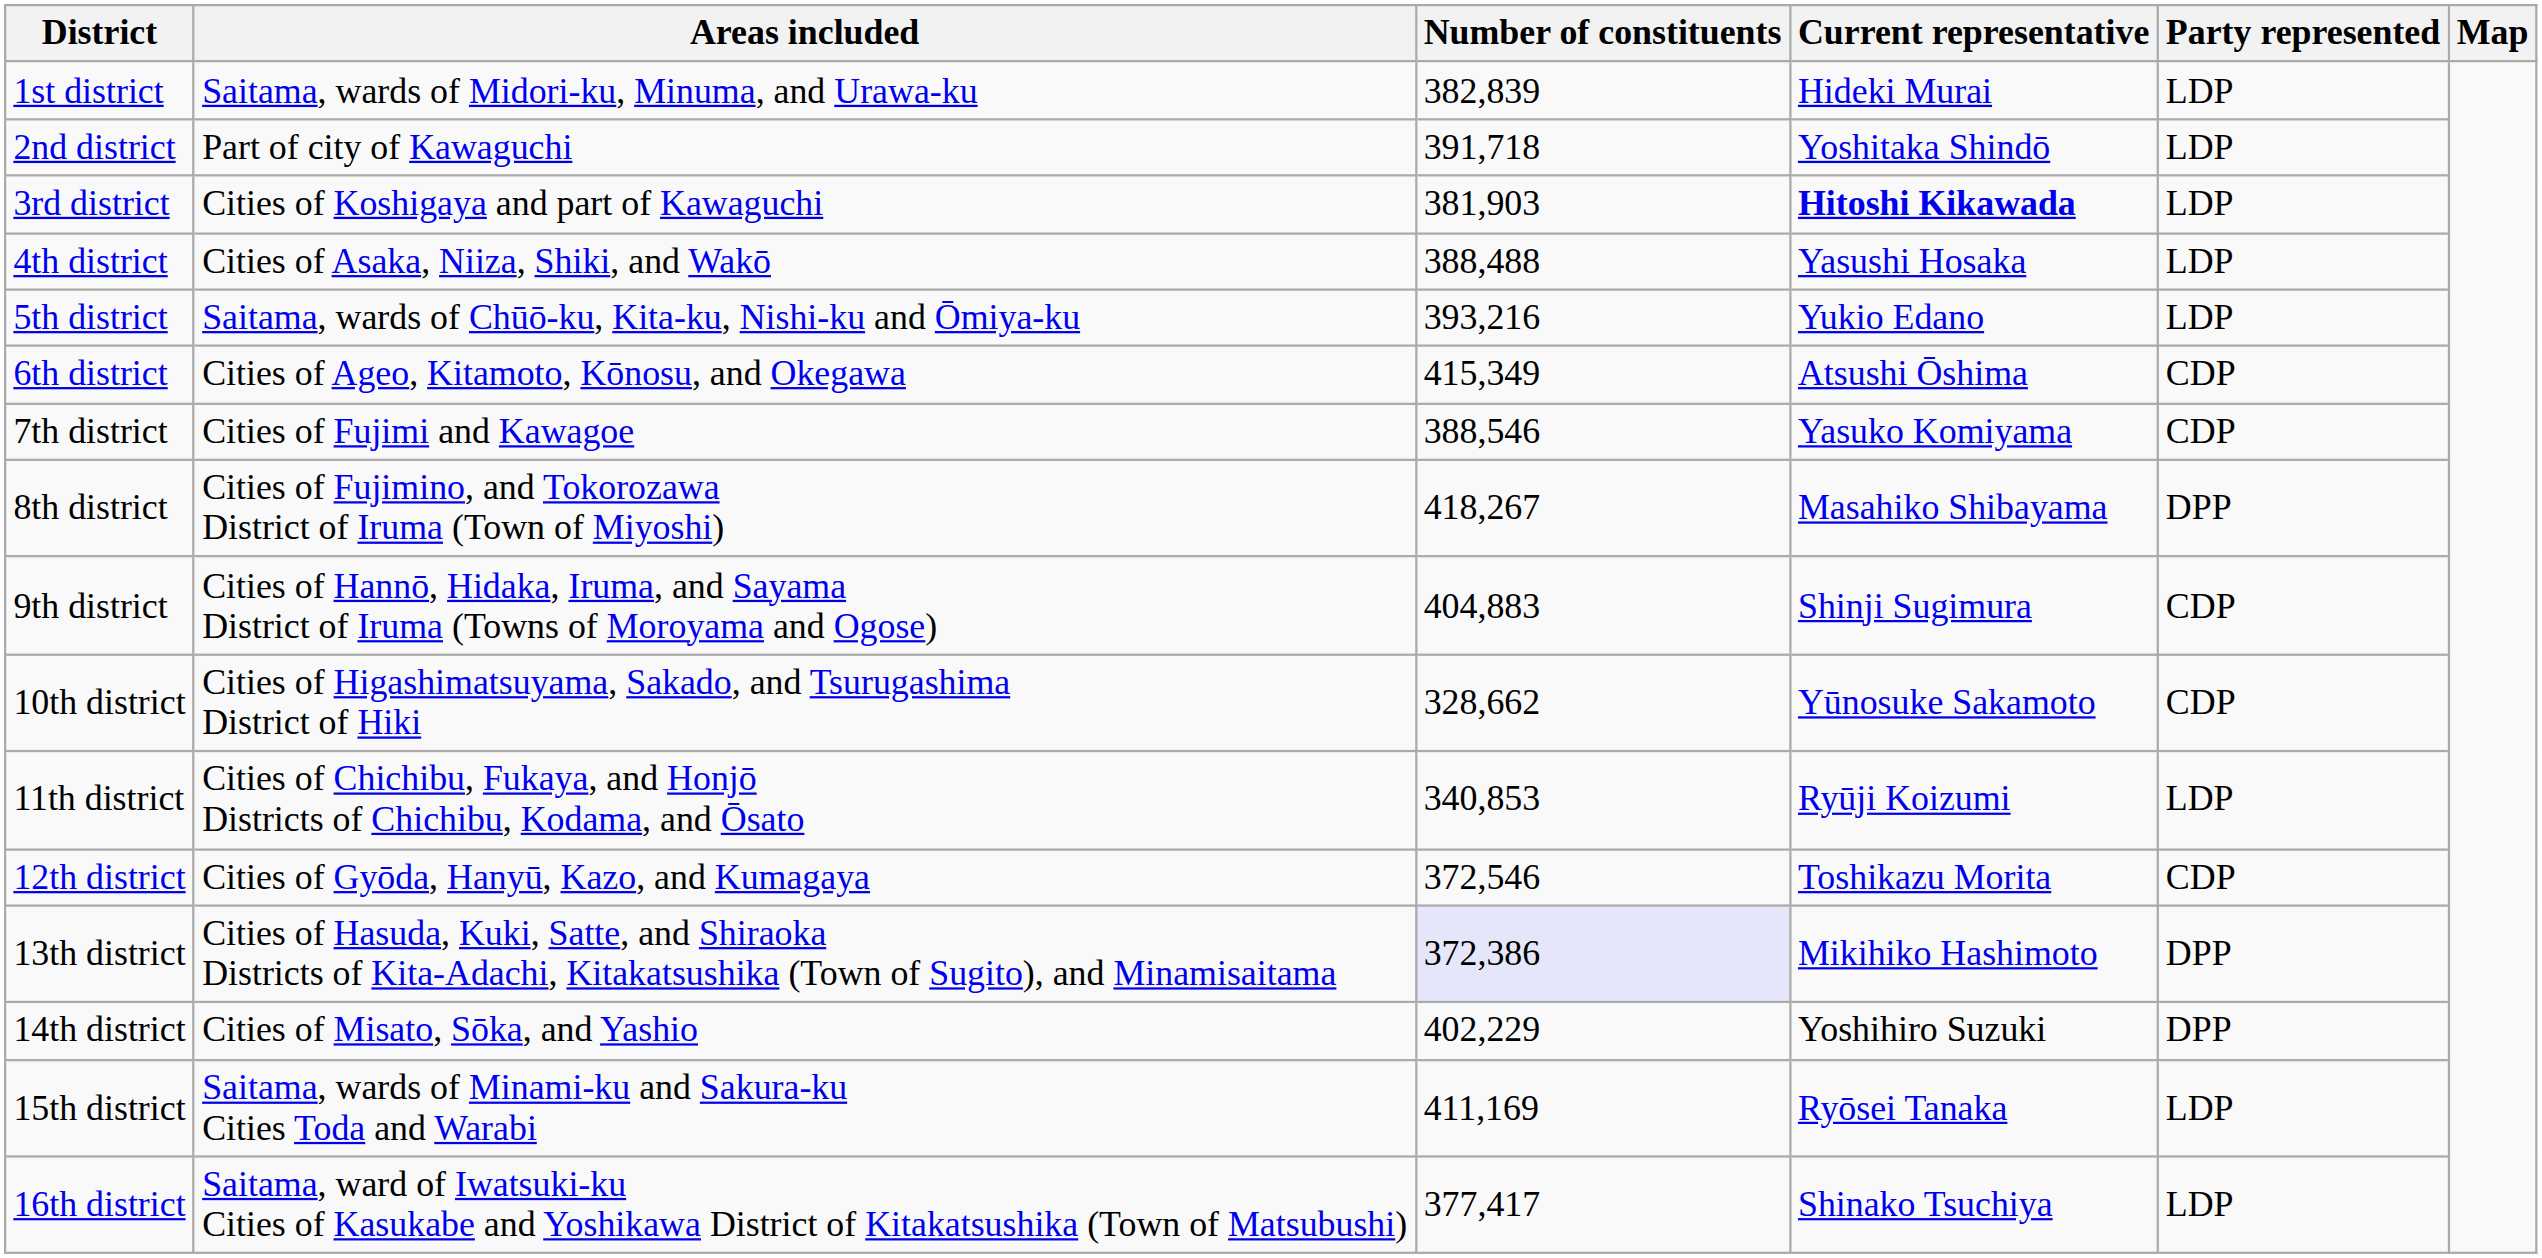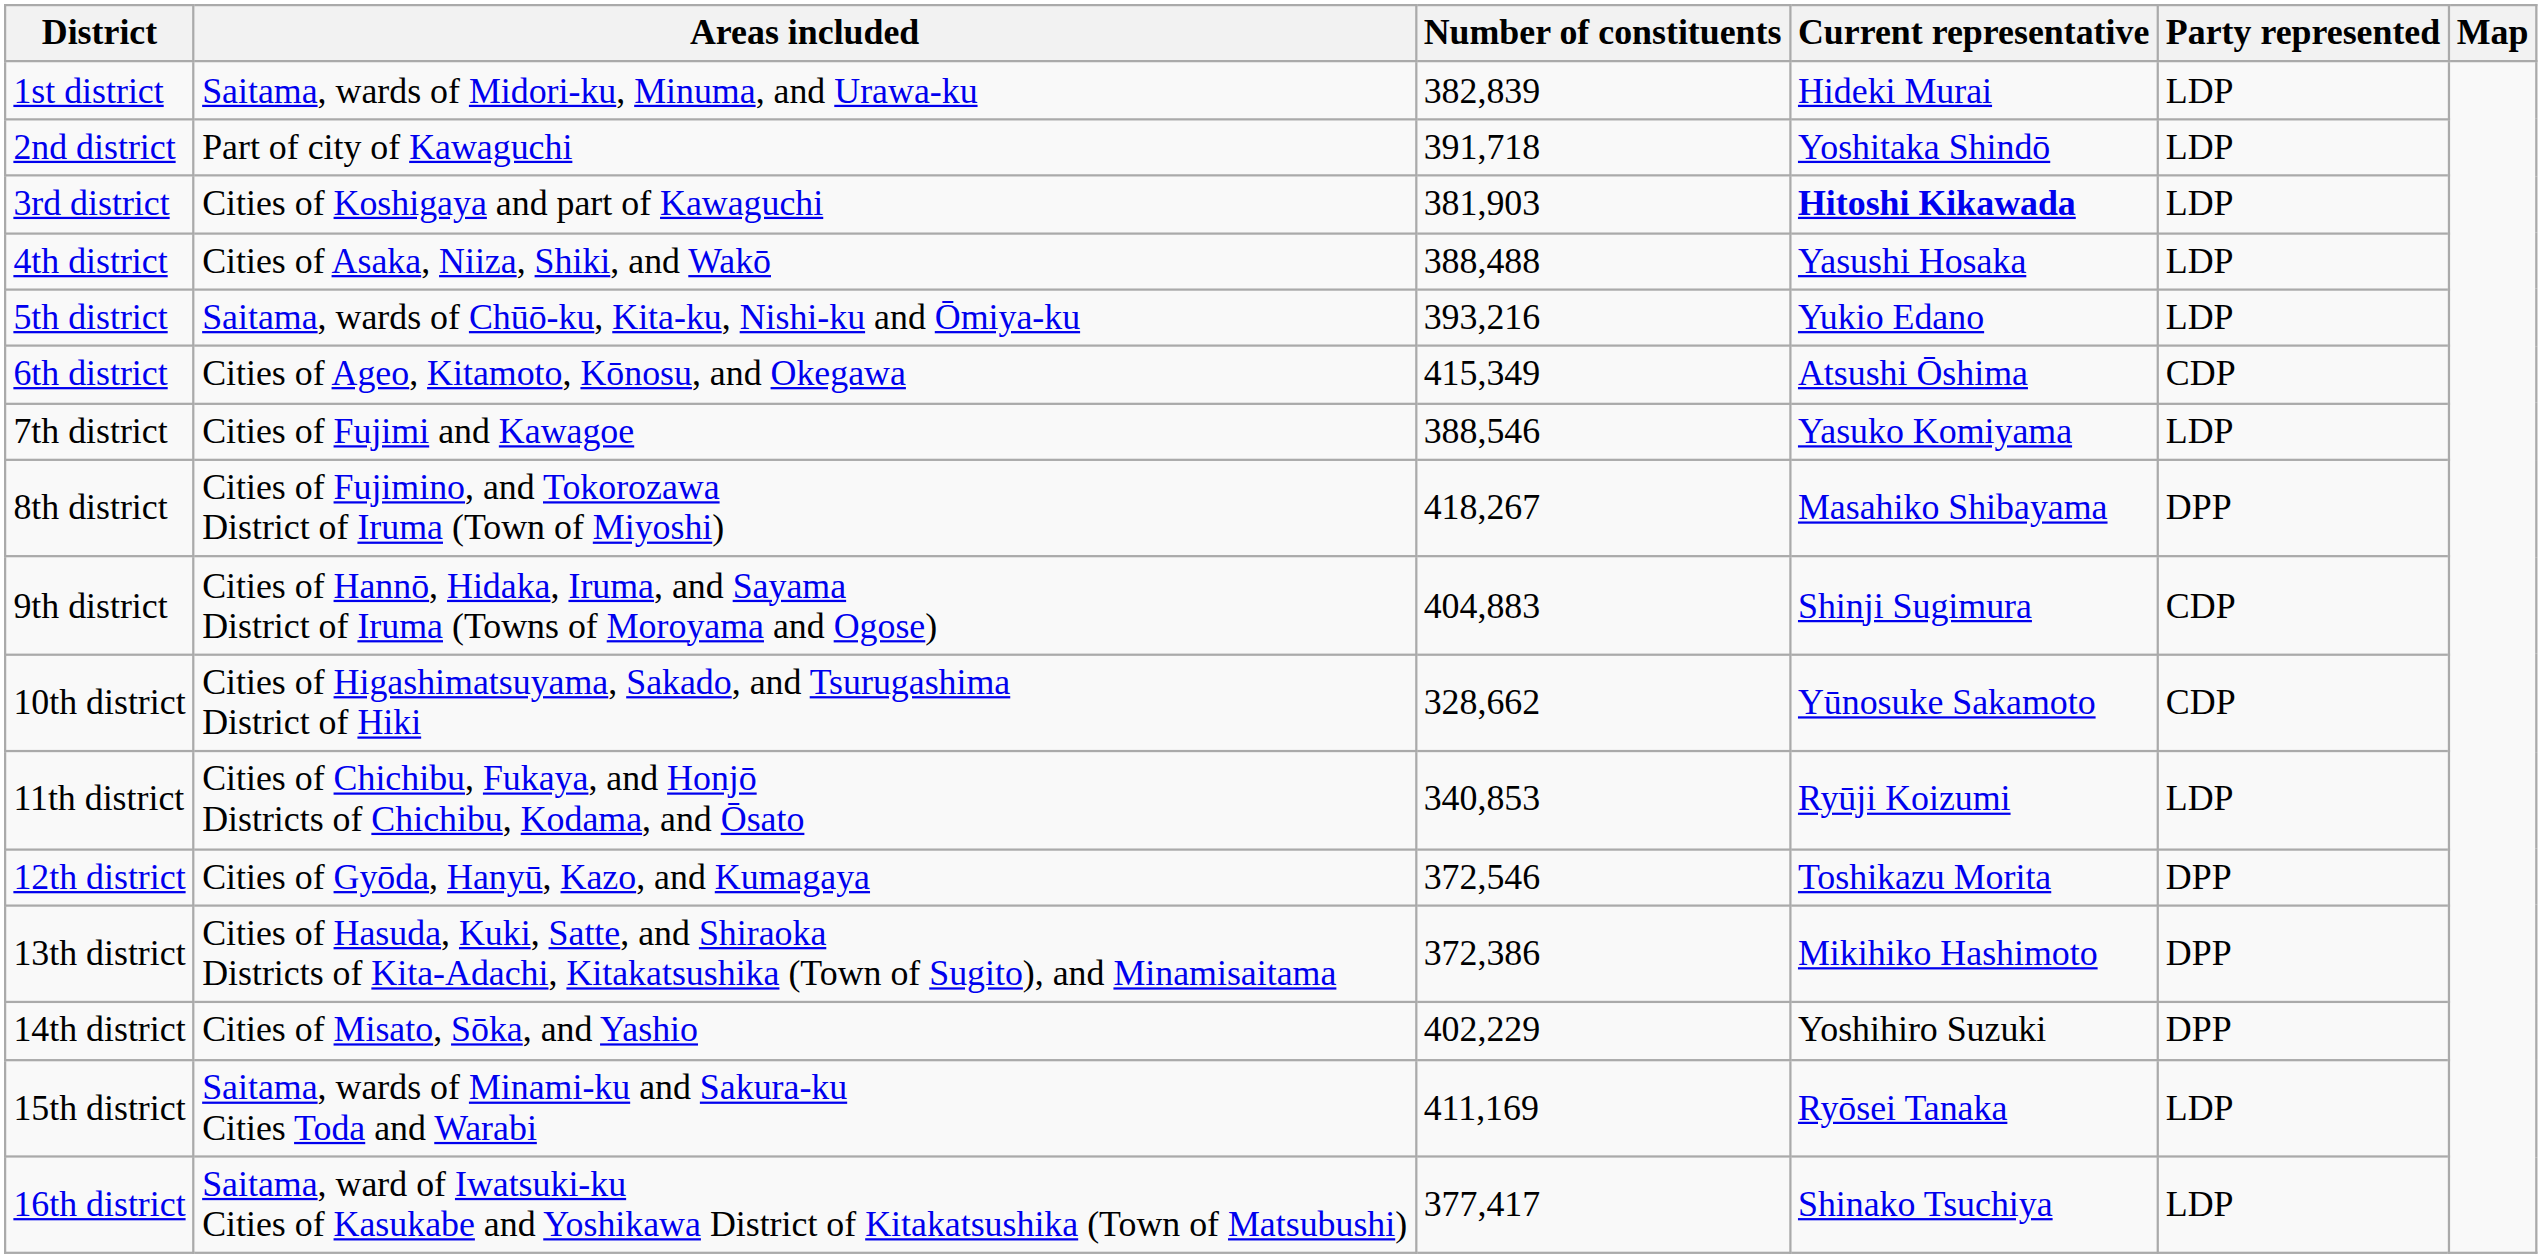 <table class="wikitable">
 <tr>
 <th>District</th>
 <th>Areas included</th>
 <th>Number of constituents</th>
 <th>Current representative</th>
 <th>Party represented</th>
 <th>Map</th>
 </tr>
 <tr>
 <td><a href='#'>1st district</a></td>
 <td><a href='#'>Saitama</a>, wards of <a href='#'>Midori-ku</a>, <a href='#'>Minuma</a>, and <a href='#'>Urawa-ku</a></td>
 <td>382,839</td>
 <td><a href='#'>Hideki Murai</a></td>
 <td>LDP</td>
 <td rowspan="16"></td>
 </tr>
 <tr>
 <td><a href='#'>2nd district</a></td>
 <td>Part of city of <a href='#'>Kawaguchi</a></td>
 <td>391,718</td>
 <td><a href='#'>Yoshitaka Shindō</a></td>
 <td>LDP</td>
 </tr>
 <tr>
 <td><a href='#'>3rd district</a></td>
 <td>Cities of <a href='#'>Koshigaya</a> and part of <a href='#'>Kawaguchi</a></td>
 <td>381,903</td>
 <td><strong><a href='#'>Hitoshi Kikawada</a></strong></td>
 <td>LDP</td>
 </tr>
 <tr>
 <td><a href='#'>4th district</a></td>
 <td>Cities of <a href='#'>Asaka</a>, <a href='#'>Niiza</a>, <a href='#'>Shiki</a>, and <a href='#'>Wakō</a></td>
 <td>388,488</td>
 <td><a href='#'>Yasushi Hosaka</a></td>
 <td>LDP</td>
 </tr>
 <tr>
 <td><a href='#'>5th district</a></td>
 <td><a href='#'>Saitama</a>, wards of <a href='#'>Chūō-ku</a>, <a href='#'>Kita-ku</a>, <a href='#'>Nishi-ku</a> and <a href='#'>Ōmiya-ku</a></td>
 <td>393,216</td>
 <td><a href='#'>Yukio Edano</a></td>
 <td>LDP</td>
 </tr>
 <tr>
 <td><a href='#'>6th district</a></td>
 <td>Cities of <a href='#'>Ageo</a>, <a href='#'>Kitamoto</a>, <a href='#'>Kōnosu</a>, and <a href='#'>Okegawa</a></td>
 <td>415,349</td>
 <td><a href='#'>Atsushi Ōshima</a></td>
 <td>CDP</td>
 </tr>
 <tr>
 <td>7th district</td>
 <td>Cities of <a href='#'>Fujimi</a> and <a href='#'>Kawagoe</a></td>
 <td>388,546</td>
 <td><a href='#'>Yasuko Komiyama</a></td>
-<td>CDP</td>
+<td>LDP</td>
 </tr>
 <tr>
 <td>8th district</td>
 <td>Cities of <a href='#'>Fujimino</a>, and <a href='#'>Tokorozawa</a><br>District of <a href='#'>Iruma</a> (Town of <a href='#'>Miyoshi</a>)</td>
 <td>418,267</td>
 <td><a href='#'>Masahiko Shibayama</a></td>
 <td>DPP</td>
 </tr>
 <tr>
 <td>9th district</td>
 <td>Cities of <a href='#'>Hannō</a>, <a href='#'>Hidaka</a>, <a href='#'>Iruma</a>, and <a href='#'>Sayama</a><br>District of <a href='#'>Iruma</a> (Towns of <a href='#'>Moroyama</a> and <a href='#'>Ogose</a>)</td>
 <td>404,883</td>
 <td><a href='#'>Shinji Sugimura</a></td>
 <td>CDP</td>
 </tr>
 <tr>
 <td>10th district</td>
 <td>Cities of <a href='#'>Higashimatsuyama</a>, <a href='#'>Sakado</a>, and <a href='#'>Tsurugashima</a><br>District of <a href='#'>Hiki</a></td>
 <td>328,662</td>
 <td><a href='#'>Yūnosuke Sakamoto</a></td>
 <td>CDP</td>
 </tr>
 <tr>
 <td>11th district</td>
 <td>Cities of <a href='#'>Chichibu</a>, <a href='#'>Fukaya</a>, and <a href='#'>Honjō</a><br>Districts of <a href='#'>Chichibu</a>, <a href='#'>Kodama</a>, and <a href='#'>Ōsato</a></td>
 <td>340,853</td>
 <td><a href='#'>Ryūji Koizumi</a></td>
 <td>LDP</td>
 </tr>
 <tr>
 <td><a href='#'>12th district</a></td>
 <td>Cities of <a href='#'>Gyōda</a>, <a href='#'>Hanyū</a>, <a href='#'>Kazo</a>, and <a href='#'>Kumagaya</a></td>
 <td>372,546</td>
 <td><a href='#'>Toshikazu Morita</a></td>
-<td>CDP</td>
+<td>DPP</td>
 </tr>
 <tr>
 <td>13th district</td>
 <td>Cities of <a href='#'>Hasuda</a>, <a href='#'>Kuki</a>, <a href='#'>Satte</a>, and <a href='#'>Shiraoka</a><br>Districts of <a href='#'>Kita-Adachi</a>, <a href='#'>Kitakatsushika</a> (Town of <a href='#'>Sugito</a>), and <a href='#'>Minamisaitama</a></td>
-<td style="background: lavender;">372,386</td>
+<td>372,386</td>
 <td><a href='#'>Mikihiko Hashimoto</a></td>
 <td>DPP</td>
 </tr>
 <tr>
 <td>14th district</td>
 <td>Cities of <a href='#'>Misato</a>, <a href='#'>Sōka</a>, and <a href='#'>Yashio</a></td>
 <td>402,229</td>
 <td>Yoshihiro Suzuki</td>
 <td>DPP</td>
 </tr>
 <tr>
 <td>15th district</td>
 <td><a href='#'>Saitama</a>, wards of <a href='#'>Minami-ku</a> and <a href='#'>Sakura-ku</a><br>Cities <a href='#'>Toda</a> and <a href='#'>Warabi</a></td>
 <td>411,169</td>
 <td><a href='#'>Ryōsei Tanaka</a></td>
 <td>LDP</td>
 </tr>
 <tr>
 <td><a href='#'>16th district</a></td>
 <td><a href='#'>Saitama</a>, ward of <a href='#'>Iwatsuki-ku</a><br>Cities of <a href='#'>Kasukabe</a> and <a href='#'>Yoshikawa</a> District of <a href='#'>Kitakatsushika</a> (Town of <a href='#'>Matsubushi</a>)</td>
 <td>377,417</td>
 <td><a href='#'>Shinako Tsuchiya</a></td>
 <td>LDP</td>
 </tr>
 </table>
